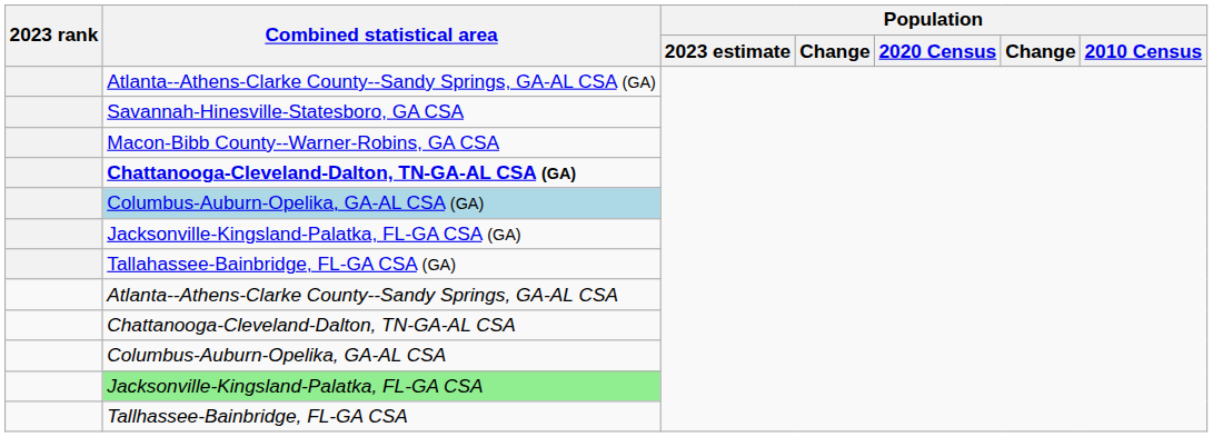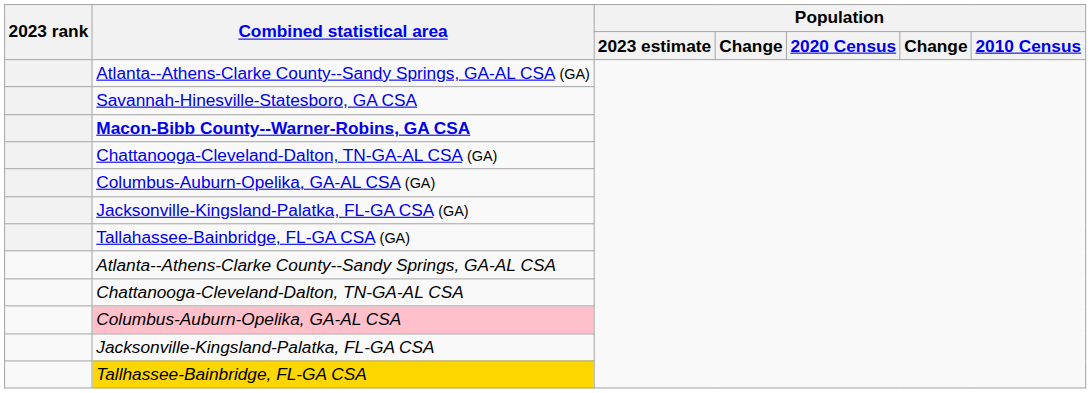 <table class="wikitable sortable">
 <tr>
 <th scope=col rowspan=2>2023 rank</th>
 <th scope=col rowspan=2><a href='#'>Combined statistical area</a></th>
 <th colspan=5>Population</th>
 </tr>
 <tr>
 <th scope=col>2023 estimate</th>
 <th scope=col>Change</th>
 <th scope=col><a href='#'>2020 Census</a></th>
 <th scope=col>Change</th>
 <th scope=col><a href='#'>2010 Census</a></th>
 </tr>
 <tr>
 <th scope=row></th>
 <td><a href='#'>Atlanta--Athens-Clarke County--Sandy Springs, GA-AL CSA</a> <small>(GA)</small><br></td>
 </tr>
 <tr>
 <th scope=row></th>
 <td><a href='#'>Savannah-Hinesville-Statesboro, GA CSA</a><br></td>
 </tr>
 <tr>
 <th scope=row></th>
-<td><a href='#'>Macon-Bibb County--Warner-Robins, GA CSA</a><br></td>
+<td><strong><a href='#'>Macon-Bibb County--Warner-Robins, GA CSA</a><br></strong></td>
 </tr>
 <tr>
 <th scope=row></th>
-<td><strong><a href='#'>Chattanooga-Cleveland-Dalton, TN-GA-AL CSA</a> <small>(GA)</small><br></strong></td>
+<td><a href='#'>Chattanooga-Cleveland-Dalton, TN-GA-AL CSA</a> <small>(GA)</small><br></td>
 </tr>
 <tr>
 <th scope=row></th>
-<td style="background: lightblue;"><a href='#'>Columbus-Auburn-Opelika, GA-AL CSA</a> <small>(GA)</small><br></td>
+<td><a href='#'>Columbus-Auburn-Opelika, GA-AL CSA</a> <small>(GA)</small><br></td>
 </tr>
 <tr>
 <th scope=row></th>
 <td><a href='#'>Jacksonville-Kingsland-Palatka, FL-GA CSA</a> <small>(GA)</small><br></td>
 </tr>
 <tr>
 <th scope=row></th>
 <td><a href='#'>Tallahassee-Bainbridge, FL-GA CSA</a> <small>(GA)</small><br></td>
 </tr>
 <tr>
 <td></td>
 <td><em><span>Atlanta--Athens-Clarke County--Sandy Springs, GA-AL CSA</span></em><br></td>
 </tr>
 <tr>
 <td></td>
 <td><em><span>Chattanooga-Cleveland-Dalton, TN-GA-AL CSA</span></em><br></td>
 </tr>
 <tr>
 <td></td>
-<td><em><span>Columbus-Auburn-Opelika, GA-AL CSA</span></em><br></td>
+<td style="background: pink;"><em><span>Columbus-Auburn-Opelika, GA-AL CSA</span></em><br></td>
 </tr>
 <tr>
 <td></td>
-<td style="background: lightgreen;"><em><span>Jacksonville-Kingsland-Palatka, FL-GA CSA</span></em><br></td>
+<td><em><span>Jacksonville-Kingsland-Palatka, FL-GA CSA</span></em><br></td>
 </tr>
 <tr>
 <td></td>
-<td><em><span>Tallhassee-Bainbridge, FL-GA CSA</span></em><br></td>
+<td style="background: gold;"><em><span>Tallhassee-Bainbridge, FL-GA CSA</span></em><br></td>
 </tr>
 </table>
